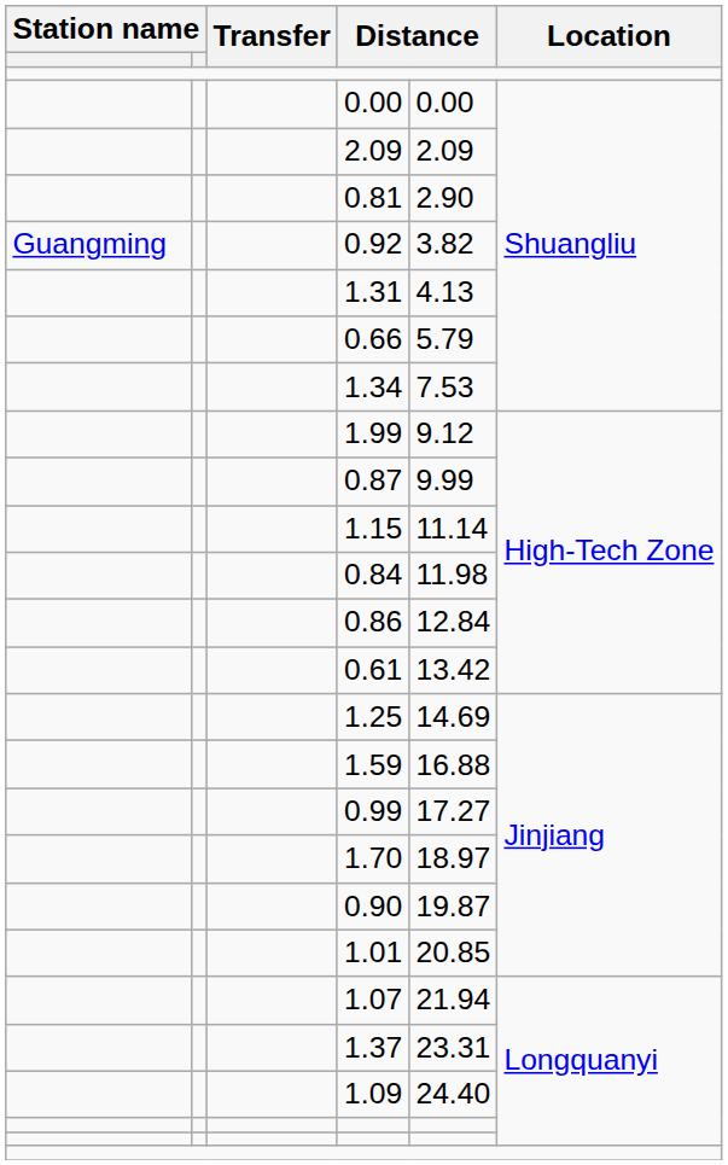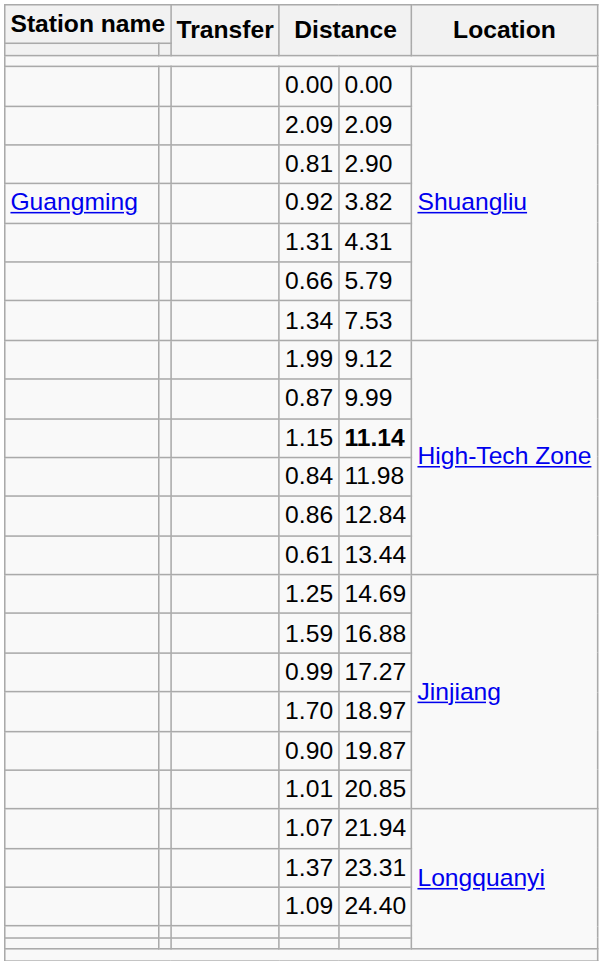 <table class="wikitable">
 <tr>
 <th colspan=2>Station name</th>
 <th rowspan=2>Transfer</th>
 <th colspan="2" rowspan="2">Distance<br></th>
 <th rowspan=2>Location</th>
 </tr>
 <tr>
 <th></th>
 <th></th>
 </tr>
 <tr style="background:#">
 <td colspan = "6"></td>
 </tr>
 <tr>
 <td></td>
 <td></td>
 <td></td>
 <td>0.00</td>
 <td>0.00</td>
 <td rowspan="7"><a href='#'>Shuangliu</a></td>
 </tr>
 <tr>
 <td></td>
 <td></td>
 <td></td>
 <td>2.09</td>
 <td>2.09</td>
 </tr>
 <tr>
 <td></td>
 <td></td>
 <td></td>
 <td>0.81</td>
 <td>2.90</td>
 </tr>
 <tr>
 <td><a href='#'>Guangming</a></td>
 <td></td>
 <td></td>
 <td>0.92</td>
 <td>3.82</td>
 </tr>
 <tr>
 <td></td>
 <td></td>
 <td></td>
 <td>1.31</td>
-<td>4.13</td>
+<td>4.31</td>
 </tr>
 <tr>
 <td></td>
 <td></td>
 <td></td>
 <td>0.66</td>
 <td>5.79</td>
 </tr>
 <tr>
 <td></td>
 <td></td>
 <td></td>
 <td>1.34</td>
 <td>7.53</td>
 </tr>
 <tr>
 <td></td>
 <td></td>
 <td></td>
 <td>1.99</td>
 <td>9.12</td>
 <td rowspan="6"><a href='#'>High-Tech Zone</a></td>
 </tr>
 <tr>
 <td></td>
 <td></td>
 <td></td>
 <td>0.87</td>
 <td>9.99</td>
 </tr>
 <tr>
 <td></td>
 <td></td>
 <td></td>
 <td>1.15</td>
-<td>11.14</td>
+<td><strong>11.14</strong></td>
 </tr>
 <tr>
 <td></td>
 <td></td>
 <td></td>
 <td>0.84</td>
 <td>11.98</td>
 </tr>
 <tr>
 <td></td>
 <td></td>
 <td></td>
 <td>0.86</td>
 <td>12.84</td>
 </tr>
 <tr>
 <td></td>
 <td></td>
 <td></td>
 <td>0.61</td>
-<td>13.42</td>
+<td>13.44</td>
 </tr>
 <tr>
 <td></td>
 <td></td>
 <td></td>
 <td>1.25</td>
 <td>14.69</td>
 <td rowspan="6"><a href='#'>Jinjiang</a></td>
 </tr>
 <tr>
 <td></td>
 <td></td>
 <td></td>
 <td>1.59</td>
 <td>16.88</td>
 </tr>
 <tr>
 <td></td>
 <td></td>
 <td></td>
 <td>0.99</td>
 <td>17.27</td>
 </tr>
 <tr>
 <td></td>
 <td></td>
 <td></td>
 <td>1.70</td>
 <td>18.97</td>
 </tr>
 <tr>
 <td></td>
 <td></td>
 <td></td>
 <td>0.90</td>
 <td>19.87</td>
 </tr>
 <tr>
 <td></td>
 <td></td>
 <td></td>
 <td>1.01</td>
 <td>20.85</td>
 </tr>
 <tr>
 <td></td>
 <td></td>
 <td></td>
 <td>1.07</td>
 <td>21.94</td>
 <td rowspan="5"><a href='#'>Longquanyi</a></td>
 </tr>
 <tr>
 <td></td>
 <td></td>
 <td></td>
 <td>1.37</td>
 <td>23.31</td>
 </tr>
 <tr>
 <td></td>
 <td></td>
 <td></td>
 <td>1.09</td>
 <td>24.40</td>
 </tr>
 <tr>
 <td></td>
 <td></td>
 <td></td>
 <td></td>
 <td></td>
 </tr>
 <tr>
 <td></td>
 <td></td>
 <td></td>
 <td></td>
 <td></td>
 </tr>
 <tr style="background:#">
 <td colspan = "6"></td>
 </tr>
 </table>
